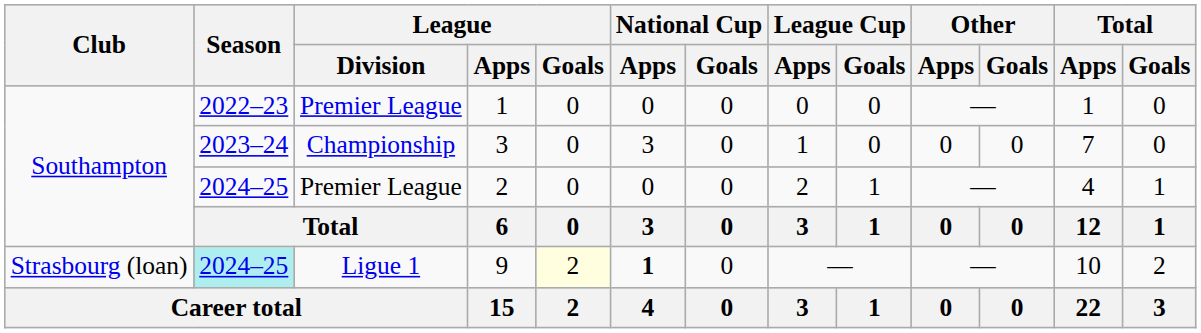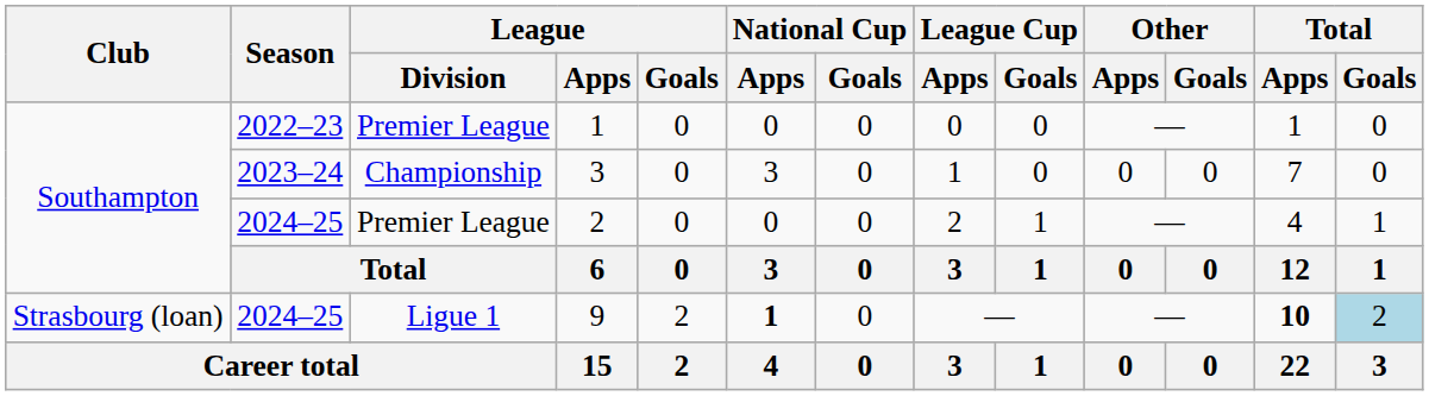 <table class="wikitable" style="text-align:center">
 <tr>
 <th rowspan="2">Club</th>
 <th rowspan="2">Season</th>
 <th colspan="3">League</th>
 <th colspan="2">National Cup</th>
 <th colspan="2">League Cup</th>
 <th colspan="2">Other</th>
 <th colspan="2">Total</th>
 </tr>
 <tr>
 <th>Division</th>
 <th>Apps</th>
 <th>Goals</th>
 <th>Apps</th>
 <th>Goals</th>
 <th>Apps</th>
 <th>Goals</th>
 <th>Apps</th>
 <th>Goals</th>
 <th>Apps</th>
 <th>Goals</th>
 </tr>
 <tr>
 <td rowspan="4"><a href='#'>Southampton</a></td>
 <td><a href='#'>2022–23</a></td>
 <td><a href='#'>Premier League</a></td>
 <td>1</td>
 <td>0</td>
 <td>0</td>
 <td>0</td>
 <td>0</td>
 <td>0</td>
 <td colspan="2">—</td>
 <td>1</td>
 <td>0</td>
 </tr>
 <tr>
 <td><a href='#'>2023–24</a></td>
 <td><a href='#'>Championship</a></td>
 <td>3</td>
 <td>0</td>
 <td>3</td>
 <td>0</td>
 <td>1</td>
 <td>0</td>
 <td>0</td>
 <td>0</td>
 <td>7</td>
 <td>0</td>
 </tr>
 <tr>
 <td><a href='#'>2024–25</a></td>
 <td>Premier League</td>
 <td>2</td>
 <td>0</td>
 <td>0</td>
 <td>0</td>
 <td>2</td>
 <td>1</td>
 <td colspan="2">—</td>
 <td>4</td>
 <td>1</td>
 </tr>
 <tr>
 <th colspan="2">Total</th>
 <th>6</th>
 <th>0</th>
 <th>3</th>
 <th>0</th>
 <th>3</th>
 <th>1</th>
 <th>0</th>
 <th>0</th>
 <th>12</th>
 <th>1</th>
 </tr>
 <tr>
 <td><a href='#'>Strasbourg</a> (loan)</td>
-<td style="background: paleturquoise;"><a href='#'>2024–25</a></td>
+<td><a href='#'>2024–25</a></td>
 <td><a href='#'>Ligue 1</a></td>
 <td>9</td>
-<td style="background: lightyellow;">2</td>
+<td>2</td>
 <td><strong>1</strong></td>
 <td>0</td>
 <td colspan="2">—</td>
 <td colspan="2">—</td>
-<td>10</td>
-<td>2</td>
+<td><strong>10</strong></td>
+<td style="background: lightblue;">2</td>
 </tr>
 <tr>
 <th colspan="3">Career total</th>
 <th>15</th>
 <th>2</th>
 <th>4</th>
 <th>0</th>
 <th>3</th>
 <th>1</th>
 <th>0</th>
 <th>0</th>
 <th>22</th>
 <th>3</th>
 </tr>
 </table>
